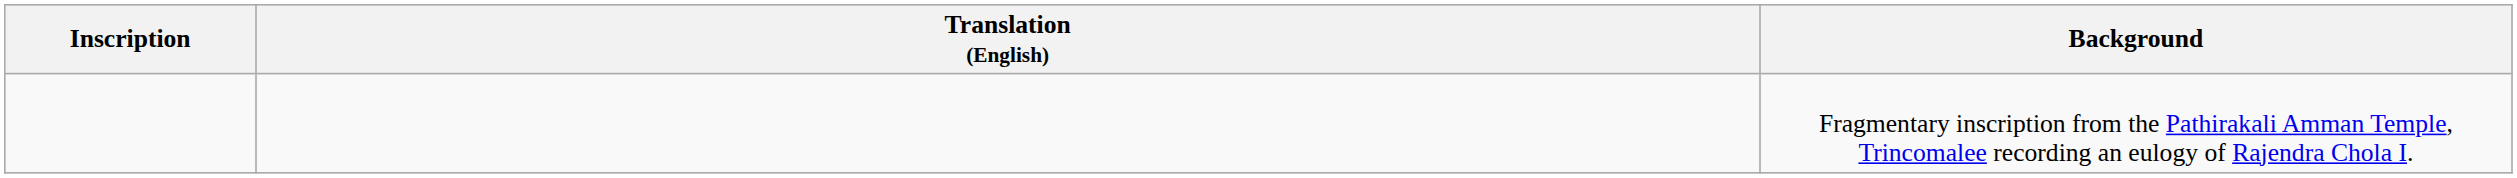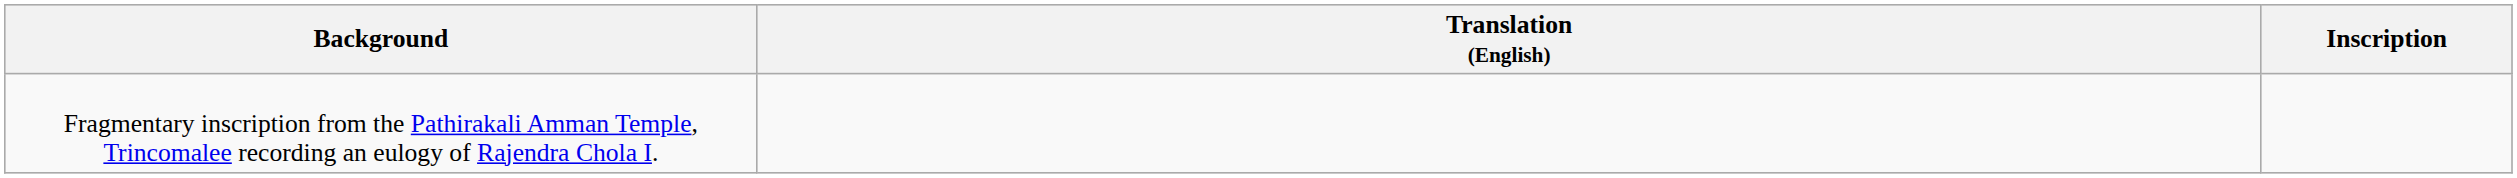 <table class="wikitable centre">
 <tr>
+<th scope="col" align=left>Background<br></th>
+<th>Translation<br><small>(English)</small></th>
 <th>Inscription<br></th>
-<th>Translation<br><small>(English)</small></th>
-<th scope="col" align=left>Background<br></th>
 </tr>
 <tr>
+<td align=center width="30%"><br>Fragmentary inscription from the <a href='#'>Pathirakali Amman Temple</a>, <a href='#'>Trincomalee</a> recording an eulogy of <a href='#'>Rajendra Chola I</a>.</td>
+<td align=left><br></td>
 <td align=center width="10%"></td>
-<td align=left><br></td>
-<td align=center width="30%"><br>Fragmentary inscription from the <a href='#'>Pathirakali Amman Temple</a>, <a href='#'>Trincomalee</a> recording an eulogy of <a href='#'>Rajendra Chola I</a>.</td>
 </tr>
 </table>
